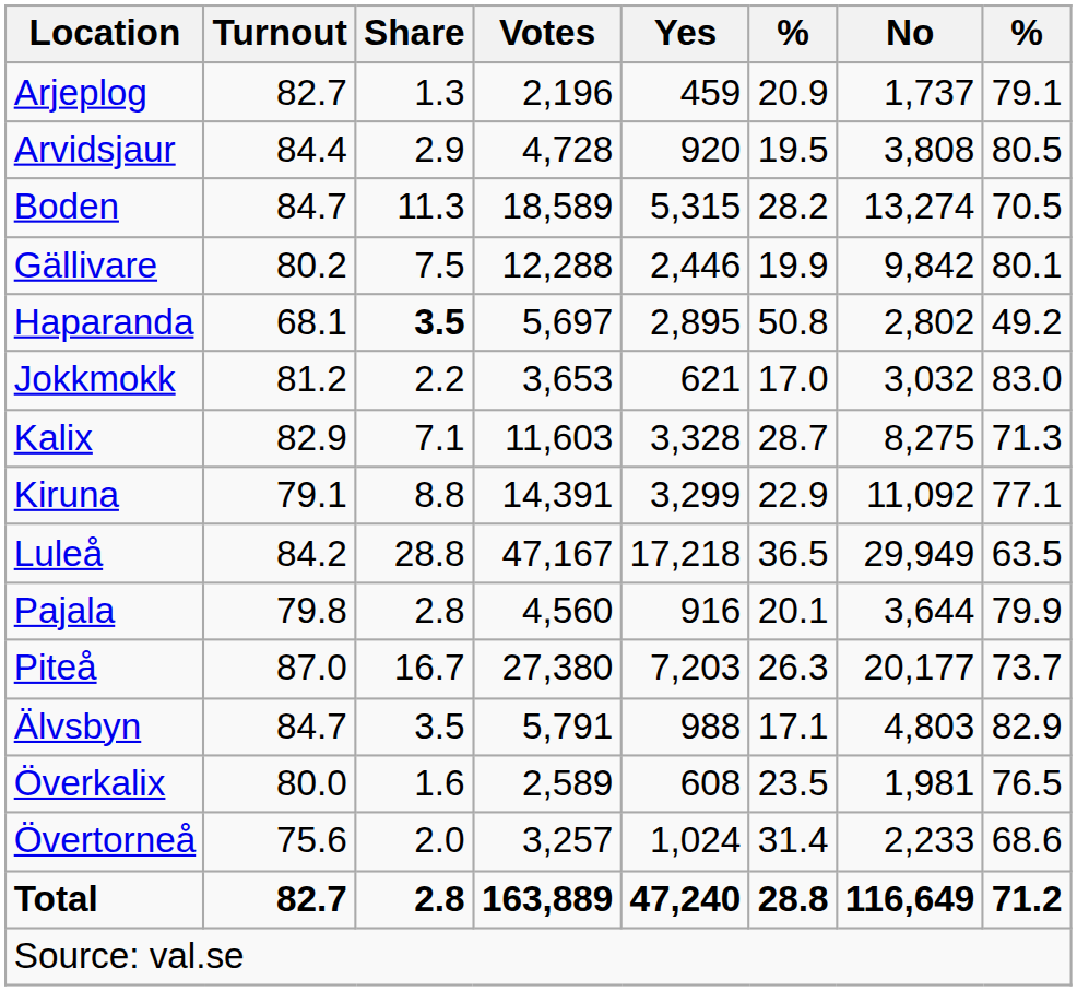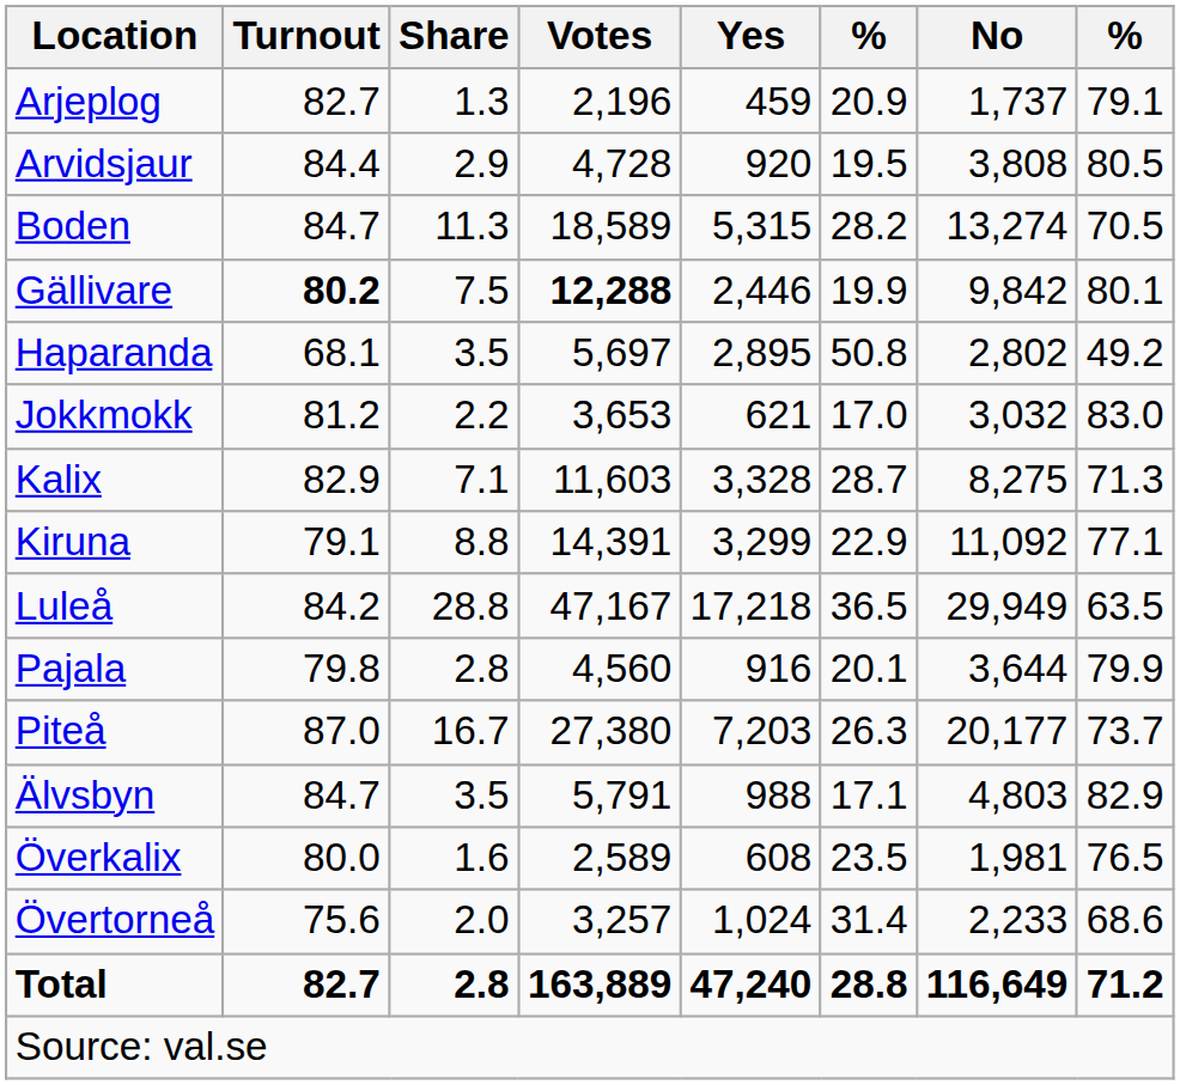 <table class="wikitable sortable" style=text-align:right>
 <tr>
 <th>Location</th>
 <th>Turnout</th>
 <th>Share</th>
 <th>Votes</th>
 <th>Yes</th>
 <th>%</th>
 <th>No</th>
 <th>%</th>
 </tr>
 <tr>
 <td align=left><a href='#'>Arjeplog</a></td>
 <td>82.7</td>
 <td>1.3</td>
 <td>2,196</td>
 <td>459</td>
 <td>20.9</td>
 <td>1,737</td>
 <td>79.1</td>
 </tr>
 <tr>
 <td align=left><a href='#'>Arvidsjaur</a></td>
 <td>84.4</td>
 <td>2.9</td>
 <td>4,728</td>
 <td>920</td>
 <td>19.5</td>
 <td>3,808</td>
 <td>80.5</td>
 </tr>
 <tr>
 <td align=left><a href='#'>Boden</a></td>
 <td>84.7</td>
 <td>11.3</td>
 <td>18,589</td>
 <td>5,315</td>
 <td>28.2</td>
 <td>13,274</td>
 <td>70.5</td>
 </tr>
 <tr>
 <td align=left><a href='#'>Gällivare</a></td>
-<td>80.2</td>
+<td><strong>80.2</strong></td>
 <td>7.5</td>
-<td>12,288</td>
+<td><strong>12,288</strong></td>
 <td>2,446</td>
 <td>19.9</td>
 <td>9,842</td>
 <td>80.1</td>
 </tr>
 <tr>
 <td align=left><a href='#'>Haparanda</a></td>
 <td>68.1</td>
-<td><strong>3.5</strong></td>
+<td>3.5</td>
 <td>5,697</td>
 <td>2,895</td>
 <td>50.8</td>
 <td>2,802</td>
 <td>49.2</td>
 </tr>
 <tr>
 <td align=left><a href='#'>Jokkmokk</a></td>
 <td>81.2</td>
 <td>2.2</td>
 <td>3,653</td>
 <td>621</td>
 <td>17.0</td>
 <td>3,032</td>
 <td>83.0</td>
 </tr>
 <tr>
 <td align=left><a href='#'>Kalix</a></td>
 <td>82.9</td>
 <td>7.1</td>
 <td>11,603</td>
 <td>3,328</td>
 <td>28.7</td>
 <td>8,275</td>
 <td>71.3</td>
 </tr>
 <tr>
 <td align=left><a href='#'>Kiruna</a></td>
 <td>79.1</td>
 <td>8.8</td>
 <td>14,391</td>
 <td>3,299</td>
 <td>22.9</td>
 <td>11,092</td>
 <td>77.1</td>
 </tr>
 <tr>
 <td align=left><a href='#'>Luleå</a></td>
 <td>84.2</td>
 <td>28.8</td>
 <td>47,167</td>
 <td>17,218</td>
 <td>36.5</td>
 <td>29,949</td>
 <td>63.5</td>
 </tr>
 <tr>
 <td align=left><a href='#'>Pajala</a></td>
 <td>79.8</td>
 <td>2.8</td>
 <td>4,560</td>
 <td>916</td>
 <td>20.1</td>
 <td>3,644</td>
 <td>79.9</td>
 </tr>
 <tr>
 <td align=left><a href='#'>Piteå</a></td>
 <td>87.0</td>
 <td>16.7</td>
 <td>27,380</td>
 <td>7,203</td>
 <td>26.3</td>
 <td>20,177</td>
 <td>73.7</td>
 </tr>
 <tr>
 <td align=left><a href='#'>Älvsbyn</a></td>
 <td>84.7</td>
 <td>3.5</td>
 <td>5,791</td>
 <td>988</td>
 <td>17.1</td>
 <td>4,803</td>
 <td>82.9</td>
 </tr>
 <tr>
 <td align=left><a href='#'>Överkalix</a></td>
 <td>80.0</td>
 <td>1.6</td>
 <td>2,589</td>
 <td>608</td>
 <td>23.5</td>
 <td>1,981</td>
 <td>76.5</td>
 </tr>
 <tr>
 <td align=left><a href='#'>Övertorneå</a></td>
 <td>75.6</td>
 <td>2.0</td>
 <td>3,257</td>
 <td>1,024</td>
 <td>31.4</td>
 <td>2,233</td>
 <td>68.6</td>
 </tr>
 <tr>
 <td align=left><strong>Total</strong></td>
 <td><strong>82.7</strong></td>
 <td><strong>2.8</strong></td>
 <td><strong>163,889</strong></td>
 <td><strong>47,240</strong></td>
 <td><strong>28.8</strong></td>
 <td><strong>116,649</strong></td>
 <td><strong>71.2</strong></td>
 </tr>
 <tr>
 <td align=left colspan=8>Source: val.se </td>
 </tr>
 </table>
